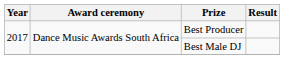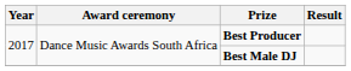 <table class ="wikitable">
 <tr>
 <th>Year</th>
 <th>Award ceremony</th>
 <th>Prize</th>
 <th>Result</th>
 </tr>
 <tr>
 <td rowspan="2">2017</td>
 <td rowspan="2"=>Dance Music Awards South Africa</td>
-<td>Best Producer</td>
+<td><strong>Best Producer</strong></td>
 <td></td>
 </tr>
 <tr>
-<td>Best Male DJ</td>
+<td><strong>Best Male DJ</strong></td>
 <td></td>
 </tr>
 <tr>
 </tr>
 </table>
